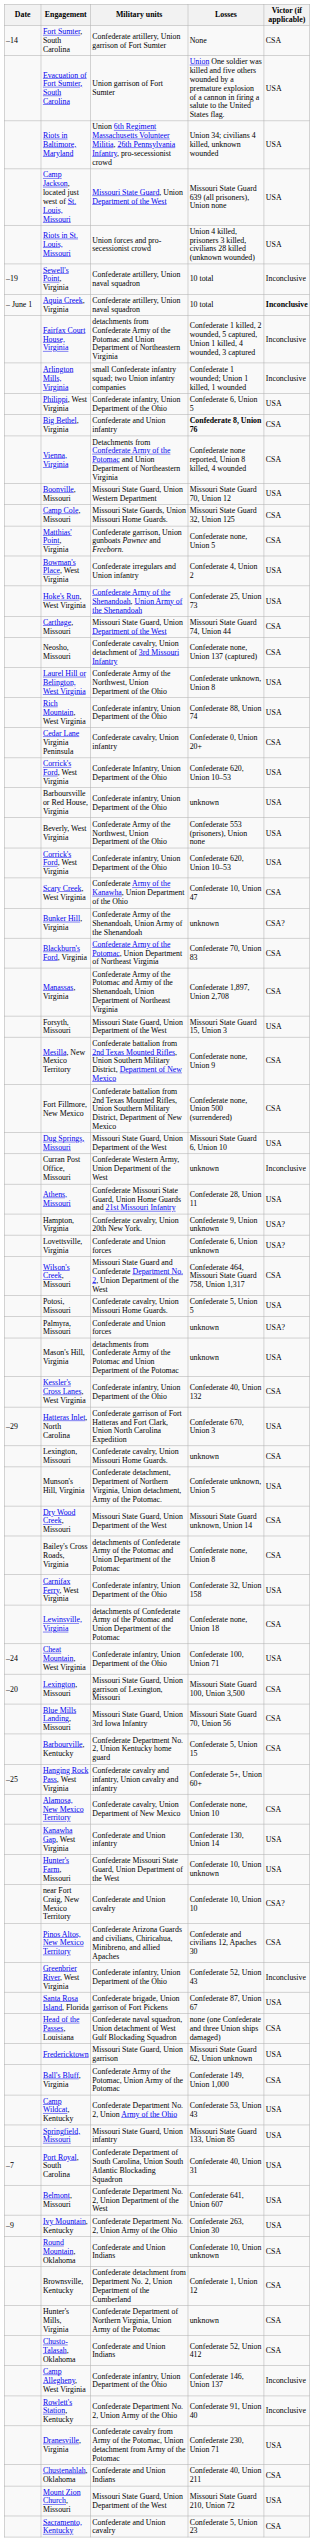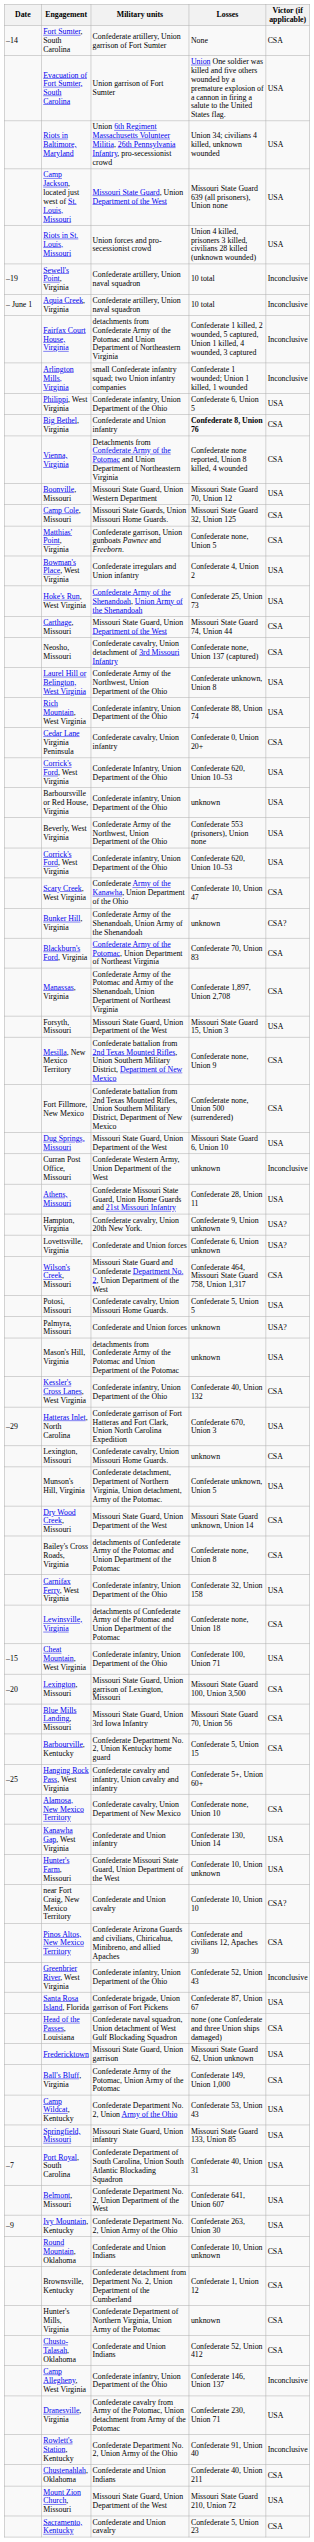 <table class="wikitable sortable" width="100%">
 <tr>
 <th width="15%">Date</th>
 <th width="15%">Engagement</th>
 <th width="40%">Military units</th>
 <th width="30%">Losses</th>
 <th width="15%">Victor (if applicable)</th>
 </tr>
 <tr>
 <td>–14</td>
 <td><a href='#'>Fort Sumter</a>, South Carolina</td>
 <td>Confederate artillery, Union garrison of Fort Sumter</td>
 <td>None</td>
 <td>CSA</td>
 </tr>
 <tr>
 <td></td>
 <td><a href='#'>Evacuation of Fort Sumter, South Carolina</a></td>
 <td>Union garrison of Fort Sumter</td>
 <td><a href='#'>Union</a> One soldier was killed and five others wounded by a premature explosion of a cannon in firing a salute to the United States flag.</td>
 <td>USA</td>
 </tr>
 <tr>
 <td></td>
 <td><a href='#'>Riots in Baltimore, Maryland</a></td>
 <td>Union <a href='#'>6th Regiment Massachusetts Volunteer Militia</a>, <a href='#'>26th Pennsylvania Infantry</a>, pro-secessionist crowd</td>
 <td>Union 34; civilians 4 killed, unknown wounded</td>
 <td>USA</td>
 </tr>
 <tr>
 <td></td>
 <td><a href='#'>Camp Jackson</a>, located just west of <a href='#'>St. Louis, Missouri</a></td>
 <td><a href='#'>Missouri State Guard</a>, Union <a href='#'>Department of the West</a></td>
 <td>Missouri State Guard 639 (all prisoners), Union none</td>
 <td>USA</td>
 </tr>
 <tr>
 <td></td>
 <td><a href='#'>Riots in St. Louis, Missouri</a></td>
 <td>Union forces and pro-secessionist crowd</td>
 <td>Union 4 killed, prisoners 3 killed, civilians 28 killed (unknown wounded)</td>
 <td>USA</td>
 </tr>
 <tr>
 <td>–19</td>
 <td><a href='#'>Sewell's Point</a>, Virginia</td>
 <td>Confederate artillery, Union naval squadron</td>
 <td>10 total</td>
 <td>Inconclusive</td>
 </tr>
 <tr>
 <td> – June 1</td>
 <td><a href='#'>Aquia Creek</a>, Virginia</td>
 <td>Confederate artillery, Union naval squadron</td>
 <td>10 total</td>
-<td><strong>Inconclusive</strong></td>
+<td>Inconclusive</td>
 </tr>
 <tr>
 <td></td>
 <td><a href='#'>Fairfax Court House, Virginia</a></td>
 <td>detachments from Confederate Army of the Potomac and Union Department of Northeastern Virginia</td>
 <td>Confederate 1 killed, 2 wounded, 5 captured, Union 1 killed, 4 wounded, 3 captured</td>
 <td>Inconclusive</td>
 </tr>
 <tr>
 <td></td>
 <td><a href='#'>Arlington Mills, Virginia</a></td>
 <td>small Confederate infantry squad; two Union infantry companies</td>
 <td>Confederate 1 wounded; Union 1 killed, 1 wounded</td>
 <td>Inconclusive</td>
 </tr>
 <tr>
 <td></td>
 <td><a href='#'>Philippi</a>, West Virginia</td>
 <td>Confederate infantry, Union Department of the Ohio</td>
 <td>Confederate 6, Union 5</td>
 <td>USA</td>
 </tr>
 <tr>
 <td></td>
 <td><a href='#'>Big Bethel</a>, Virginia</td>
 <td>Confederate and Union infantry</td>
 <td><strong>Confederate 8, Union 76</strong></td>
 <td>CSA</td>
 </tr>
 <tr>
 <td></td>
 <td><a href='#'>Vienna, Virginia</a></td>
 <td>Detachments from <a href='#'>Confederate Army of the Potomac</a> and Union Department of Northeastern Virginia</td>
 <td>Confederate none reported, Union 8 killed, 4 wounded</td>
 <td>CSA</td>
 </tr>
 <tr>
 <td></td>
 <td><a href='#'>Boonville</a>, Missouri</td>
 <td>Missouri State Guard, Union Western Department</td>
 <td>Missouri State Guard 70, Union 12</td>
 <td>USA</td>
 </tr>
 <tr>
 <td></td>
 <td><a href='#'>Camp Cole</a>, Missouri</td>
 <td>Missouri State Guards, Union Missouri Home Guards.</td>
 <td>Missouri State Guard 32, Union 125</td>
 <td>CSA</td>
 </tr>
 <tr>
 <td></td>
 <td><a href='#'>Matthias' Point</a>, Virginia</td>
 <td>Confederate garrison, Union gunboats <em>Pawnee</em> and <em>Freeborn</em>.</td>
 <td>Confederate none, Union 5</td>
 <td>CSA</td>
 </tr>
 <tr>
 <td></td>
 <td><a href='#'>Bowman's Place</a>, West Virginia</td>
 <td>Confederate irregulars and Union infantry</td>
 <td>Confederate 4, Union 2</td>
 <td>USA</td>
 </tr>
 <tr>
 <td></td>
 <td><a href='#'>Hoke's Run</a>, West Virginia</td>
 <td><a href='#'>Confederate Army of the Shenandoah</a>, <a href='#'>Union Army of the Shenandoah</a></td>
 <td>Confederate 25, Union 73</td>
 <td>USA</td>
 </tr>
 <tr>
 <td></td>
 <td><a href='#'>Carthage</a>, Missouri</td>
 <td>Missouri State Guard, Union <a href='#'>Department of the West</a></td>
 <td>Missouri State Guard 74, Union 44</td>
 <td>CSA</td>
 </tr>
 <tr>
 <td></td>
 <td>Neosho, Missouri</td>
 <td>Confederate cavalry, Union detachment of <a href='#'>3rd Missouri Infantry</a></td>
 <td>Confederate none, Union 137 (captured)</td>
 <td>CSA</td>
 </tr>
 <tr>
 <td></td>
 <td><a href='#'>Laurel Hill or Belington, West Virginia</a></td>
 <td>Confederate Army of the Northwest, Union Department of the Ohio</td>
 <td>Confederate unknown, Union 8</td>
 <td>USA</td>
 </tr>
 <tr>
 <td></td>
 <td><a href='#'>Rich Mountain</a>, West Virginia</td>
 <td>Confederate infantry, Union Department of the Ohio</td>
 <td>Confederate 88, Union 74</td>
 <td>USA</td>
 </tr>
 <tr>
 <td></td>
 <td><a href='#'>Cedar Lane</a> Virginia Peninsula</td>
 <td>Confederate cavalry, Union infantry</td>
 <td>Confederate 0, Union 20+</td>
 <td>CSA</td>
 </tr>
 <tr>
 <td></td>
 <td><a href='#'>Corrick's Ford</a>, West Virginia</td>
 <td>Confederate Infantry, Union Department of the Ohio</td>
 <td>Confederate 620, Union 10–53</td>
 <td>USA</td>
 </tr>
 <tr>
 <td></td>
 <td>Barboursville or Red House, Virginia</td>
 <td>Confederate infantry, Union Department of the Ohio</td>
 <td>unknown</td>
 <td>USA</td>
 </tr>
 <tr>
 <td></td>
 <td>Beverly, West Virginia</td>
 <td>Confederate Army of the Northwest, Union Department of the Ohio</td>
 <td>Confederate 553 (prisoners), Union none</td>
 <td>USA</td>
 </tr>
 <tr>
 <td></td>
 <td><a href='#'>Corrick's Ford</a>, West Virginia</td>
 <td>Confederate infantry, Union Department of the Ohio</td>
 <td>Confederate 620, Union 10–53</td>
 <td>USA</td>
 </tr>
 <tr>
 <td></td>
 <td><a href='#'>Scary Creek</a>, West Virginia</td>
 <td>Confederate <a href='#'>Army of the Kanawha</a>, Union Department of the Ohio</td>
 <td>Confederate 10, Union 47</td>
 <td>CSA</td>
 </tr>
 <tr>
 <td></td>
 <td><a href='#'>Bunker Hill</a>, Virginia</td>
 <td>Confederate Army of the Shenandoah, Union Army of the Shenandoah</td>
 <td>unknown</td>
 <td>CSA?</td>
 </tr>
 <tr>
 <td></td>
 <td><a href='#'>Blackburn's Ford</a>, Virginia</td>
 <td><a href='#'>Confederate Army of the Potomac</a>, Union Department of Northeast Virginia</td>
 <td>Confederate 70, Union 83</td>
 <td>CSA</td>
 </tr>
 <tr>
 <td></td>
 <td><a href='#'>Manassas</a>, Virginia</td>
 <td>Confederate Army of the Potomac and Army of the Shenandoah, Union Department of Northeast Virginia</td>
 <td>Confederate 1,897, Union 2,708</td>
 <td>CSA</td>
 </tr>
 <tr>
 <td></td>
 <td>Forsyth, Missouri</td>
 <td>Missouri State Guard, Union Department of the West</td>
 <td>Missouri State Guard 15, Union 3</td>
 <td>USA</td>
 </tr>
 <tr>
 <td></td>
 <td><a href='#'>Mesilla</a>, New Mexico Territory</td>
 <td>Confederate battalion from <a href='#'>2nd Texas Mounted Rifles</a>, Union Southern Military District, <a href='#'>Department of New Mexico</a></td>
 <td>Confederate none, Union 9</td>
 <td>CSA</td>
 </tr>
 <tr>
 <td></td>
 <td>Fort Fillmore, New Mexico</td>
 <td>Confederate battalion from 2nd Texas Mounted Rifles, Union Southern Military District, Department of New Mexico</td>
 <td>Confederate none, Union 500 (surrendered)</td>
 <td>CSA</td>
 </tr>
 <tr>
 <td></td>
 <td><a href='#'>Dug Springs, Missouri</a></td>
 <td>Missouri State Guard, Union Department of the West</td>
 <td>Missouri State Guard 6, Union 10</td>
 <td>USA</td>
 </tr>
 <tr>
 <td></td>
 <td>Curran Post Office, Missouri</td>
 <td>Confederate Western Army, Union Department of the West</td>
 <td>unknown</td>
 <td>Inconclusive</td>
 </tr>
 <tr>
 <td></td>
 <td><a href='#'>Athens, Missouri</a></td>
 <td>Confederate Missouri State Guard, Union Home Guards and <a href='#'>21st Missouri Infantry</a></td>
 <td>Confederate 28, Union 11</td>
 <td>USA</td>
 </tr>
 <tr>
 <td></td>
 <td>Hampton, Virginia</td>
 <td>Confederate cavalry, Union 20th New York.</td>
 <td>Confederate 9, Union unknown</td>
 <td>USA?</td>
 </tr>
 <tr>
 <td></td>
 <td>Lovettsville, Virginia</td>
 <td>Confederate and Union forces</td>
 <td>Confederate 6, Union unknown</td>
 <td>USA?</td>
 </tr>
 <tr>
 <td></td>
 <td><a href='#'>Wilson's Creek</a>, Missouri</td>
 <td>Missouri State Guard and Confederate <a href='#'>Department No. 2</a>, Union Department of the West</td>
 <td>Confederate 464, Missouri State Guard 758, Union 1,317</td>
 <td>CSA</td>
 </tr>
 <tr>
 <td></td>
 <td>Potosi, Missouri</td>
 <td>Confederate cavalry, Union Missouri Home Guards.</td>
 <td>Confederate 5, Union 5</td>
 <td>USA</td>
 </tr>
 <tr>
 <td></td>
 <td>Palmyra, Missouri</td>
 <td>Confederate and Union forces</td>
 <td>unknown</td>
 <td>USA?</td>
 </tr>
 <tr>
 <td></td>
 <td>Mason's Hill, Virginia</td>
 <td>detachments from Confederate Army of the Potomac and Union Department of the Potomac</td>
 <td>unknown</td>
 <td>USA</td>
 </tr>
 <tr>
 <td></td>
 <td><a href='#'>Kessler's Cross Lanes</a>, West Virginia</td>
 <td>Confederate infantry, Union Department of the Ohio</td>
 <td>Confederate 40, Union 132</td>
 <td>CSA</td>
 </tr>
 <tr>
 <td>–29</td>
 <td><a href='#'>Hatteras Inlet</a>, North Carolina</td>
 <td>Confederate garrison of Fort Hatteras and Fort Clark, Union North Carolina Expedition</td>
 <td>Confederate 670, Union 3</td>
 <td>USA</td>
 </tr>
 <tr>
 <td></td>
 <td>Lexington, Missouri</td>
 <td>Confederate cavalry, Union Missouri Home Guards.</td>
 <td>unknown</td>
 <td>CSA</td>
 </tr>
 <tr>
 <td></td>
 <td>Munson's Hill, Virginia</td>
 <td>Confederate detachment, Department of Northern Virginia, Union detachment, Army of the Potomac.</td>
 <td>Confederate unknown, Union 5</td>
 <td>USA</td>
 </tr>
 <tr>
 <td></td>
 <td><a href='#'>Dry Wood Creek</a>, Missouri</td>
 <td>Missouri State Guard, Union Department of the West</td>
 <td>Missouri State Guard unknown, Union 14</td>
 <td>CSA</td>
 </tr>
 <tr>
 <td></td>
 <td>Bailey's Cross Roads, Virginia</td>
 <td>detachments of Confederate Army of the Potomac and Union Department of the Potomac</td>
 <td>Confederate none, Union 8</td>
 <td>CSA</td>
 </tr>
 <tr>
 <td></td>
 <td><a href='#'>Carnifax Ferry</a>, West Virginia</td>
 <td>Confederate infantry, Union Department of the Ohio</td>
 <td>Confederate 32, Union 158</td>
 <td>USA</td>
 </tr>
 <tr>
 <td></td>
 <td><a href='#'>Lewinsville, Virginia</a></td>
 <td>detachments of Confederate Army of the Potomac and Union Department of the Potomac</td>
 <td>Confederate none, Union 18</td>
 <td>CSA</td>
 </tr>
 <tr>
-<td>–24</td>
+<td>–15</td>
 <td><a href='#'>Cheat Mountain</a>, West Virginia</td>
 <td>Confederate infantry, Union Department of the Ohio</td>
 <td>Confederate 100, Union 71</td>
 <td>USA</td>
 </tr>
 <tr>
 <td>–20</td>
 <td><a href='#'>Lexington</a>, Missouri</td>
 <td>Missouri State Guard, Union garrison of Lexington, Missouri</td>
 <td>Missouri State Guard 100, Union 3,500</td>
 <td>CSA</td>
 </tr>
 <tr>
 <td></td>
 <td><a href='#'>Blue Mills Landing</a>, Missouri</td>
 <td>Missouri State Guard, Union 3rd Iowa Infantry</td>
 <td>Missouri State Guard 70, Union 56</td>
 <td>CSA</td>
 </tr>
 <tr>
 <td></td>
 <td><a href='#'>Barbourville</a>, Kentucky</td>
 <td>Confederate Department No. 2, Union Kentucky home guard</td>
 <td>Confederate 5, Union 15</td>
 <td>CSA</td>
 </tr>
 <tr>
 <td>–25</td>
 <td><a href='#'>Hanging Rock Pass</a>, West Virginia</td>
 <td>Confederate cavalry and infantry, Union cavalry and infantry</td>
 <td>Confederate 5+, Union 60+</td>
 </tr>
 <tr>
 <td></td>
 <td><a href='#'>Alamosa, New Mexico Territory</a></td>
 <td>Confederate cavalry, Union Department of New Mexico</td>
 <td>Confederate none, Union 10</td>
 <td>CSA</td>
 </tr>
 <tr>
 <td></td>
 <td><a href='#'>Kanawha Gap</a>, West Virginia</td>
 <td>Confederate and Union infantry</td>
 <td>Confederate 130, Union 14</td>
 <td>USA</td>
 </tr>
 <tr>
 <td></td>
 <td><a href='#'>Hunter's Farm</a>, Missouri</td>
 <td>Confederate Missouri State Guard, Union Department of the West</td>
 <td>Confederate 10, Union unknown</td>
 <td>USA</td>
 </tr>
 <tr>
 <td></td>
 <td>near Fort Craig, New Mexico Territory</td>
 <td>Confederate and Union cavalry</td>
 <td>Confederate 10, Union 10</td>
 <td>CSA?</td>
 </tr>
 <tr>
 <td></td>
 <td><a href='#'>Pinos Altos, New Mexico Territory</a></td>
 <td>Confederate Arizona Guards and civilians, Chiricahua, Minibreno, and allied Apaches</td>
 <td>Confederate and civilians 12, Apaches 30</td>
 <td>CSA</td>
 </tr>
 <tr>
 <td></td>
 <td><a href='#'>Greenbrier River</a>, West Virginia</td>
 <td>Confederate infantry, Union Department of the Ohio</td>
 <td>Confederate 52, Union 43</td>
 <td>Inconclusive</td>
 </tr>
 <tr>
 <td></td>
 <td><a href='#'>Santa Rosa Island</a>, Florida</td>
 <td>Confederate brigade, Union garrison of Fort Pickens</td>
 <td>Confederate 87, Union 67</td>
 <td>USA</td>
 </tr>
 <tr>
 <td></td>
 <td><a href='#'>Head of the Passes</a>, Louisiana</td>
 <td>Confederate naval squadron, Union detachment of West Gulf Blockading Squadron</td>
 <td>none (one Confederate and three Union ships damaged)</td>
 <td>CSA</td>
 </tr>
 <tr>
 <td></td>
 <td><a href='#'>Fredericktown</a></td>
 <td>Missouri State Guard, Union garrison</td>
 <td>Missouri State Guard 62, Union unknown</td>
 <td>USA</td>
 </tr>
 <tr>
 <td></td>
 <td><a href='#'>Ball's Bluff</a>, Virginia</td>
 <td>Confederate Army of the Potomac, Union Army of the Potomac</td>
 <td>Confederate 149, Union 1,000</td>
 <td>CSA</td>
 </tr>
 <tr>
 <td></td>
 <td><a href='#'>Camp Wildcat</a>, Kentucky</td>
 <td>Confederate Department No. 2, Union <a href='#'>Army of the Ohio</a></td>
 <td>Confederate 53, Union 43</td>
 <td>USA</td>
 </tr>
 <tr>
 <td></td>
 <td><a href='#'>Springfield, Missouri</a></td>
 <td>Missouri State Guard, Union infantry</td>
 <td>Missouri State Guard 133, Union 85</td>
 <td>USA</td>
 </tr>
 <tr>
 <td>–7</td>
 <td><a href='#'>Port Royal</a>, South Carolina</td>
 <td>Confederate Department of South Carolina, Union South Atlantic Blockading Squadron</td>
 <td>Confederate 40, Union 31</td>
 <td>USA</td>
 </tr>
 <tr>
 <td></td>
 <td><a href='#'>Belmont</a>, Missouri</td>
 <td>Confederate Department No. 2, Union Department of the West</td>
 <td>Confederate 641, Union 607</td>
 <td>USA</td>
 </tr>
 <tr>
 <td>–9</td>
 <td><a href='#'>Ivy Mountain</a>, Kentucky</td>
 <td>Confederate Department No. 2, Union Army of the Ohio</td>
 <td>Confederate 263, Union 30</td>
 <td>USA</td>
 </tr>
 <tr>
 <td></td>
 <td><a href='#'>Round Mountain</a>, Oklahoma</td>
 <td>Confederate and Union Indians</td>
 <td>Confederate 10, Union unknown</td>
 <td>CSA</td>
 </tr>
 <tr>
 <td></td>
 <td>Brownsville, Kentucky</td>
 <td>Confederate detachment from Department No. 2, Union Department of the Cumberland</td>
 <td>Confederate 1, Union 12</td>
 <td>CSA</td>
 </tr>
 <tr>
 <td></td>
 <td>Hunter's Mills, Virginia</td>
 <td>Confederate Department of Northern Virginia, Union Army of the Potomac</td>
 <td>unknown</td>
 <td>CSA</td>
 </tr>
 <tr>
 <td></td>
 <td><a href='#'>Chusto-Talasah</a>, Oklahoma</td>
 <td>Confederate and Union Indians</td>
 <td>Confederate 52, Union 412</td>
 <td>CSA</td>
 </tr>
 <tr>
 <td></td>
 <td><a href='#'>Camp Allegheny</a>, West Virginia</td>
 <td>Confederate infantry, Union Department of the Ohio</td>
 <td>Confederate 146, Union 137</td>
 <td>Inconclusive</td>
 </tr>
 <tr>
 <td></td>
+<td><a href='#'>Dranesville</a>, Virginia</td>
+<td>Confederate cavalry from Army of the Potomac, Union detachment from Army of the Potomac</td>
+<td>Confederate 230, Union 71</td>
+<td>USA</td>
+</tr>
+<tr>
+<td></td>
 <td><a href='#'>Rowlett's Station</a>, Kentucky</td>
 <td>Confederate Department No. 2, Union Army of the Ohio</td>
 <td>Confederate 91, Union 40</td>
 <td>Inconclusive</td>
-</tr>
-<tr>
-<td></td>
-<td><a href='#'>Dranesville</a>, Virginia</td>
-<td>Confederate cavalry from Army of the Potomac, Union detachment from Army of the Potomac</td>
-<td>Confederate 230, Union 71</td>
-<td>USA</td>
 </tr>
 <tr>
 <td></td>
 <td><a href='#'>Chustenahlah</a>, Oklahoma</td>
 <td>Confederate and Union Indians</td>
 <td>Confederate 40, Union 211</td>
 <td>CSA</td>
 </tr>
 <tr>
 <td></td>
 <td><a href='#'>Mount Zion Church</a>, Missouri</td>
 <td>Missouri State Guard, Union Department of the West</td>
 <td>Missouri State Guard 210, Union 72</td>
 <td>USA</td>
 </tr>
 <tr>
 <td></td>
 <td><a href='#'>Sacramento, Kentucky</a></td>
 <td>Confederate and Union cavalry</td>
 <td>Confederate 5, Union 23</td>
 <td>CSA</td>
 </tr>
 </table>
